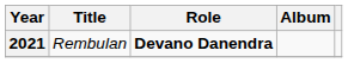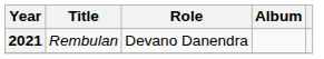 <table class="wikitable plainrowheaders sortable">
 <tr>
 <th>Year</th>
 <th>Title</th>
 <th>Role</th>
 <th scope="col" class="unsortable">Album</th>
 <th></th>
 </tr>
 <tr>
 <th scope="row">2021</th>
 <td><em>Rembulan</em></td>
-<td><strong>Devano Danendra</strong></td>
+<td>Devano Danendra</td>
 <td></td>
 <td></td>
 </tr>
 <tr>
 </tr>
 </table>
